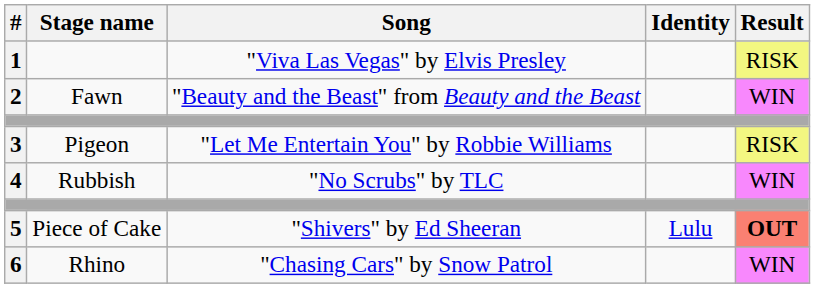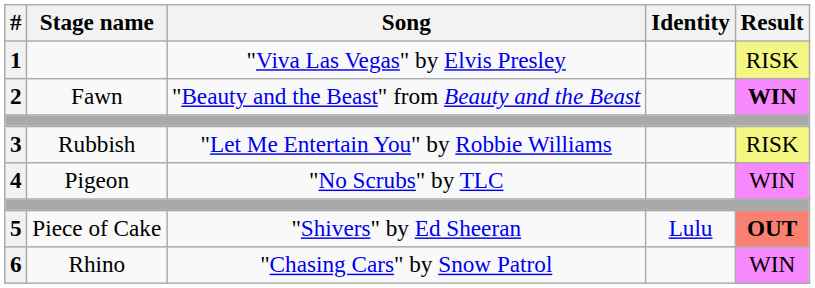 <table class="wikitable plainrowheaders" style="text-align: center;">
 <tr>
 <th>#</th>
 <th>Stage name</th>
 <th>Song</th>
 <th>Identity</th>
 <th>Result</th>
 </tr>
 <tr>
 <th>1</th>
 <td></td>
 <td>"<a href='#'>Viva Las Vegas</a>" by <a href='#'>Elvis Presley</a></td>
 <td></td>
 <td bgcolor="#F3F781">RISK</td>
 </tr>
 <tr>
 <th>2</th>
 <td>Fawn</td>
 <td>"<a href='#'>Beauty and the Beast</a>" from <em><a href='#'>Beauty and the Beast</a></em></td>
 <td></td>
-<td bgcolor=#F888FD>WIN</td>
+<td bgcolor=#F888FD><strong>WIN</strong></td>
 </tr>
 <tr>
 <td colspan="5" style="background:darkgray"></td>
 </tr>
 <tr>
 <th>3</th>
-<td>Pigeon</td>
+<td>Rubbish</td>
 <td>"<a href='#'>Let Me Entertain You</a>" by <a href='#'>Robbie Williams</a></td>
 <td></td>
 <td bgcolor="#F3F781">RISK</td>
 </tr>
 <tr>
 <th>4</th>
-<td>Rubbish</td>
+<td>Pigeon</td>
 <td>"<a href='#'>No Scrubs</a>" by <a href='#'>TLC</a></td>
 <td></td>
 <td bgcolor=#F888FD>WIN</td>
 </tr>
 <tr>
 <td colspan="5" style="background:darkgray"></td>
 </tr>
 <tr>
 <th>5</th>
 <td>Piece of Cake</td>
 <td>"<a href='#'>Shivers</a>" by <a href='#'>Ed Sheeran</a></td>
 <td><a href='#'>Lulu</a></td>
 <td bgcolor=salmon><strong>OUT</strong></td>
 </tr>
 <tr>
 <th>6</th>
 <td>Rhino</td>
 <td>"<a href='#'>Chasing Cars</a>" by <a href='#'>Snow Patrol</a></td>
 <td></td>
 <td bgcolor=#F888FD>WIN</td>
 </tr>
 </table>
